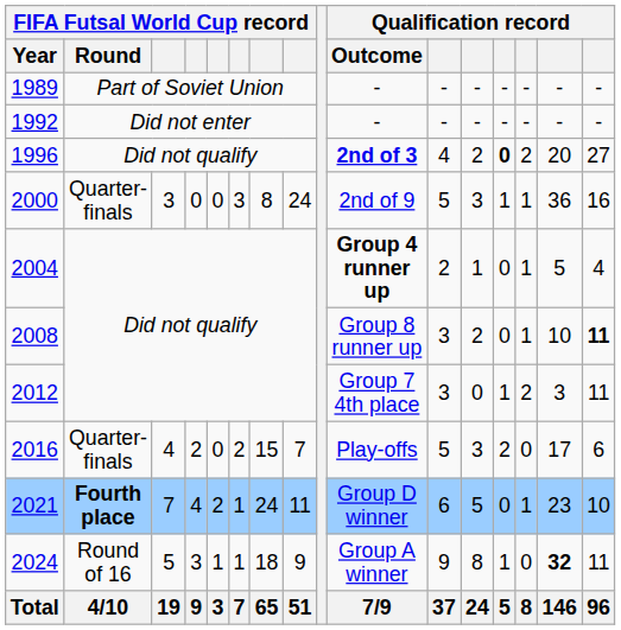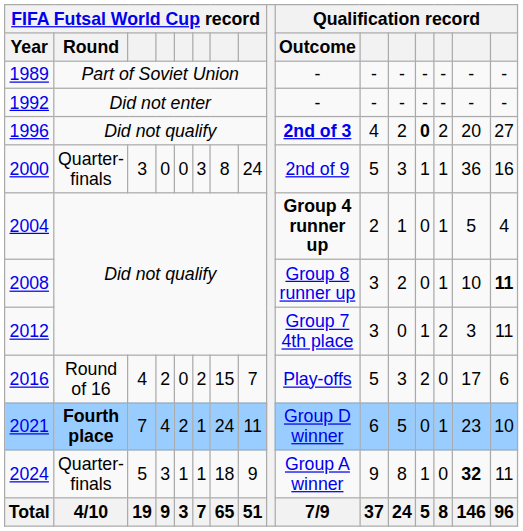 <table class="wikitable" width=50% style="text-align: center;font-size:90%;">
 <tr>
 <th colspan=8><a href='#'>FIFA Futsal World Cup</a> record</th>
 <th width=1% rowspan=13></th>
 <th colspan=7>Qualification record</th>
 </tr>
 <tr>
 <th width=125px>Year</th>
 <th width=150px>Round</th>
 <th></th>
 <th></th>
 <th></th>
 <th></th>
 <th></th>
 <th></th>
 <th>Outcome</th>
 <th></th>
 <th></th>
 <th></th>
 <th></th>
 <th></th>
 <th></th>
 </tr>
 <tr>
 <td> <a href='#'>1989</a></td>
 <td colspan=7><em>Part of Soviet Union</em></td>
 <td>-</td>
 <td>-</td>
 <td>-</td>
 <td>-</td>
 <td>-</td>
 <td>-</td>
 <td>-</td>
 </tr>
 <tr - bgcolor=>
 <td> <a href='#'>1992</a></td>
 <td colspan=7><em>Did not enter</em></td>
 <td>-</td>
 <td>-</td>
 <td>-</td>
 <td>-</td>
 <td>-</td>
 <td>-</td>
 <td>-</td>
 </tr>
 <tr - bgcolor=>
 <td> <a href='#'>1996</a></td>
 <td colspan=7><em>Did not qualify</em></td>
 <td><strong><a href='#'>2nd of 3</a></strong></td>
 <td>4</td>
 <td>2</td>
 <td><strong>0</strong></td>
 <td>2</td>
 <td>20</td>
 <td>27</td>
 </tr>
 <tr - bgcolor=>
 <td> <a href='#'>2000</a></td>
 <td>Quarter-finals</td>
 <td>3</td>
 <td>0</td>
 <td>0</td>
 <td>3</td>
 <td>8</td>
 <td>24</td>
 <td><a href='#'>2nd of 9</a></td>
 <td>5</td>
 <td>3</td>
 <td>1</td>
 <td>1</td>
 <td>36</td>
 <td>16</td>
 </tr>
 <tr - bgcolor=>
 <td> <a href='#'>2004</a></td>
 <td colspan=7 rowspan=3><em>Did not qualify</em></td>
 <td><strong>Group 4 runner up</strong></td>
 <td>2</td>
 <td>1</td>
 <td>0</td>
 <td>1</td>
 <td>5</td>
 <td>4</td>
 </tr>
 <tr - bgcolor=>
 <td> <a href='#'>2008</a></td>
 <td><a href='#'>Group 8 runner up</a></td>
 <td>3</td>
 <td>2</td>
 <td>0</td>
 <td>1</td>
 <td>10</td>
 <td><strong>11</strong></td>
 </tr>
 <tr - bgcolor=>
 <td> <a href='#'>2012</a></td>
 <td><a href='#'>Group 7 4th place</a></td>
 <td>3</td>
 <td>0</td>
 <td>1</td>
 <td>2</td>
 <td>3</td>
 <td>11</td>
 </tr>
 <tr - bgcolor=>
 <td> <a href='#'>2016</a></td>
-<td>Quarter-finals</td>
+<td>Round of 16</td>
 <td>4</td>
 <td>2</td>
 <td>0</td>
 <td>2</td>
 <td>15</td>
 <td>7</td>
 <td><a href='#'>Play-offs</a></td>
 <td>5</td>
 <td>3</td>
 <td>2</td>
 <td>0</td>
 <td>17</td>
 <td>6</td>
 </tr>
 <tr - bgcolor="#9acdff">
 <td> <a href='#'>2021</a></td>
 <td><strong>Fourth place</strong></td>
 <td>7</td>
 <td>4</td>
 <td>2</td>
 <td>1</td>
 <td>24</td>
 <td>11</td>
 <td><a href='#'>Group D winner</a></td>
 <td>6</td>
 <td>5</td>
 <td>0</td>
 <td>1</td>
 <td>23</td>
 <td>10</td>
 </tr>
 <tr - bgcolor=>
 <td> <a href='#'>2024</a></td>
-<td>Round of 16</td>
+<td>Quarter-finals</td>
 <td>5</td>
 <td>3</td>
 <td>1</td>
 <td>1</td>
 <td>18</td>
 <td>9</td>
 <td><a href='#'>Group A winner</a></td>
 <td>9</td>
 <td>8</td>
 <td>1</td>
 <td>0</td>
 <td><strong>32</strong></td>
 <td>11</td>
 </tr>
 <tr>
 <th><strong>Total</strong></th>
 <th>4/10</th>
 <th>19</th>
 <th>9</th>
 <th>3</th>
 <th>7</th>
 <th>65</th>
 <th>51</th>
 <th>7/9</th>
 <th>37</th>
 <th>24</th>
 <th>5</th>
 <th>8</th>
 <th>146</th>
 <th>96</th>
 </tr>
 </table>
